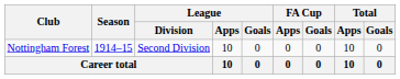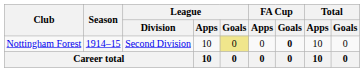 <table class="wikitable" style="text-align: center;">
 <tr>
 <th rowspan="2">Club</th>
 <th rowspan="2">Season</th>
 <th colspan="3">League</th>
 <th colspan="2">FA Cup</th>
 <th colspan="2">Total</th>
 </tr>
 <tr>
 <th>Division</th>
 <th>Apps</th>
 <th>Goals</th>
 <th>Apps</th>
 <th>Goals</th>
 <th>Apps</th>
 <th>Goals</th>
 </tr>
 <tr>
 <td><a href='#'>Nottingham Forest</a></td>
 <td><a href='#'>1914–15</a></td>
 <td><a href='#'>Second Division</a></td>
 <td>10</td>
+<td style="background: khaki;">0</td>
 <td>0</td>
-<td>0</td>
-<td>0</td>
+<td><strong>0</strong></td>
 <td>10</td>
 <td>0</td>
 </tr>
 <tr>
 <th colspan="3">Career total</th>
 <th>10</th>
 <th>0</th>
 <th>0</th>
 <th>0</th>
 <th>10</th>
 <th>0</th>
 </tr>
 </table>
